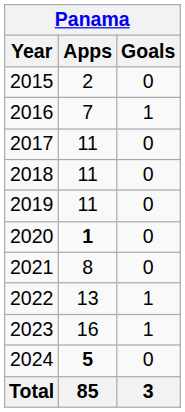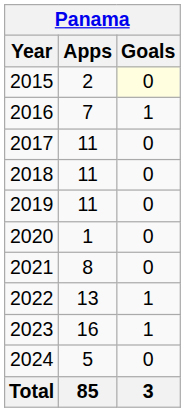 <table class="wikitable" style="text-align:center">
 <tr>
 <th colspan=3><a href='#'>Panama</a></th>
 </tr>
 <tr>
 <th>Year</th>
 <th>Apps</th>
 <th>Goals</th>
 </tr>
 <tr>
 <td>2015</td>
 <td>2</td>
-<td>0</td>
+<td style="background: lightyellow;">0</td>
 </tr>
 <tr>
 <td>2016</td>
 <td>7</td>
 <td>1</td>
 </tr>
 <tr>
 <td>2017</td>
 <td>11</td>
 <td>0</td>
 </tr>
 <tr>
 <td>2018</td>
 <td>11</td>
 <td>0</td>
 </tr>
 <tr>
 <td>2019</td>
 <td>11</td>
 <td>0</td>
 </tr>
 <tr>
 <td>2020</td>
-<td><strong>1</strong></td>
+<td>1</td>
 <td>0</td>
 </tr>
 <tr>
 <td>2021</td>
 <td>8</td>
 <td>0</td>
 </tr>
 <tr>
 <td>2022</td>
 <td>13</td>
 <td>1</td>
 </tr>
 <tr>
 <td>2023</td>
 <td>16</td>
 <td>1</td>
 </tr>
 <tr>
 <td>2024</td>
-<td><strong>5</strong></td>
+<td>5</td>
 <td>0</td>
 </tr>
 <tr>
 <th>Total</th>
 <th>85</th>
 <th>3</th>
 </tr>
 </table>
